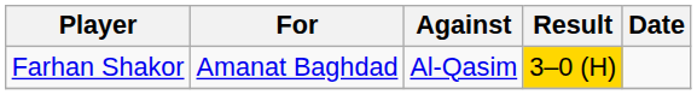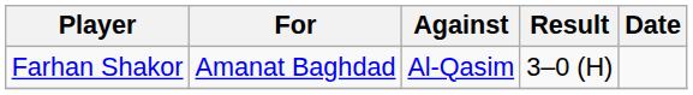 <table class="wikitable">
 <tr>
 <th>Player</th>
 <th>For</th>
 <th>Against</th>
 <th style="text-align:center">Result</th>
 <th>Date</th>
 </tr>
 <tr>
 <td> <a href='#'>Farhan Shakor</a></td>
 <td><a href='#'>Amanat Baghdad</a></td>
 <td><a href='#'>Al-Qasim</a></td>
-<td style="background: gold; text-align:center;">3–0 (H)</td>
+<td style="text-align:center;">3–0 (H)</td>
 <td></td>
 </tr>
 <tr>
 </tr>
 </table>
